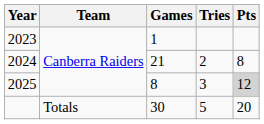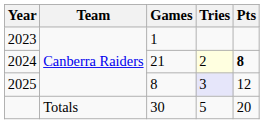 <table class="wikitable">
 <tr>
 <th>Year</th>
 <th>Team</th>
 <th>Games</th>
 <th>Tries</th>
 <th>Pts</th>
 </tr>
 <tr>
 <td>2023</td>
 <td rowspan="3"> <a href='#'>Canberra Raiders</a></td>
 <td>1</td>
 <td></td>
 <td></td>
 </tr>
 <tr>
 <td>2024</td>
 <td>21</td>
-<td>2</td>
-<td>8</td>
+<td style="background: lightyellow;">2</td>
+<td><strong>8</strong></td>
 </tr>
 <tr>
 <td>2025</td>
 <td>8</td>
-<td>3</td>
-<td style="background: lightgrey;">12</td>
+<td style="background: lavender;">3</td>
+<td>12</td>
 </tr>
 <tr>
 <td></td>
 <td>Totals</td>
 <td>30</td>
 <td>5</td>
 <td>20</td>
 </tr>
 </table>
